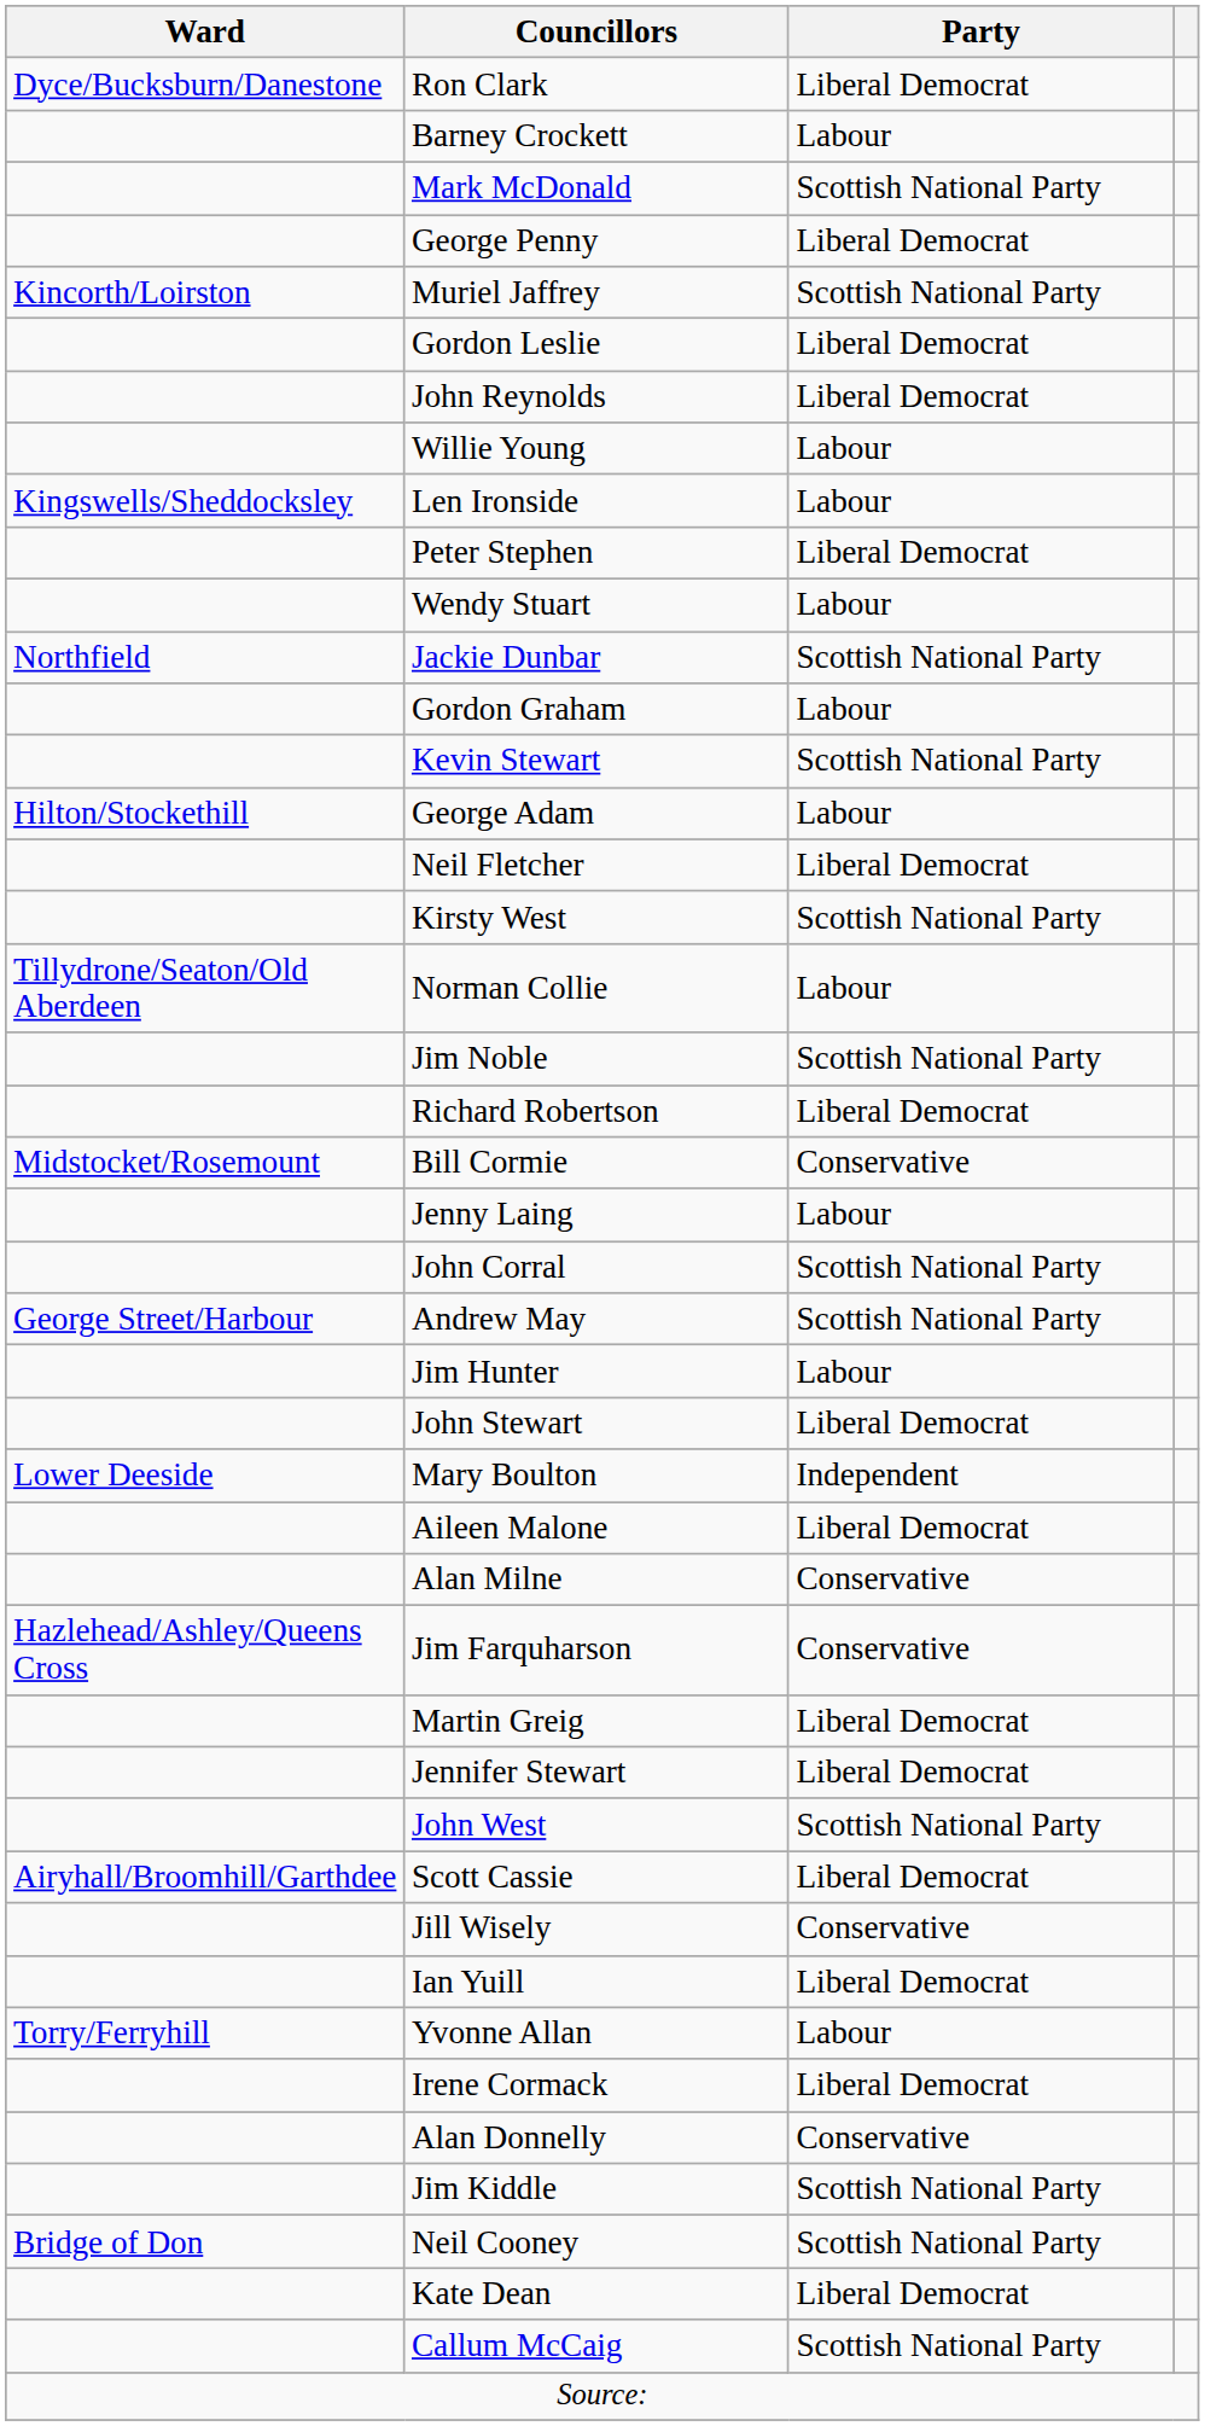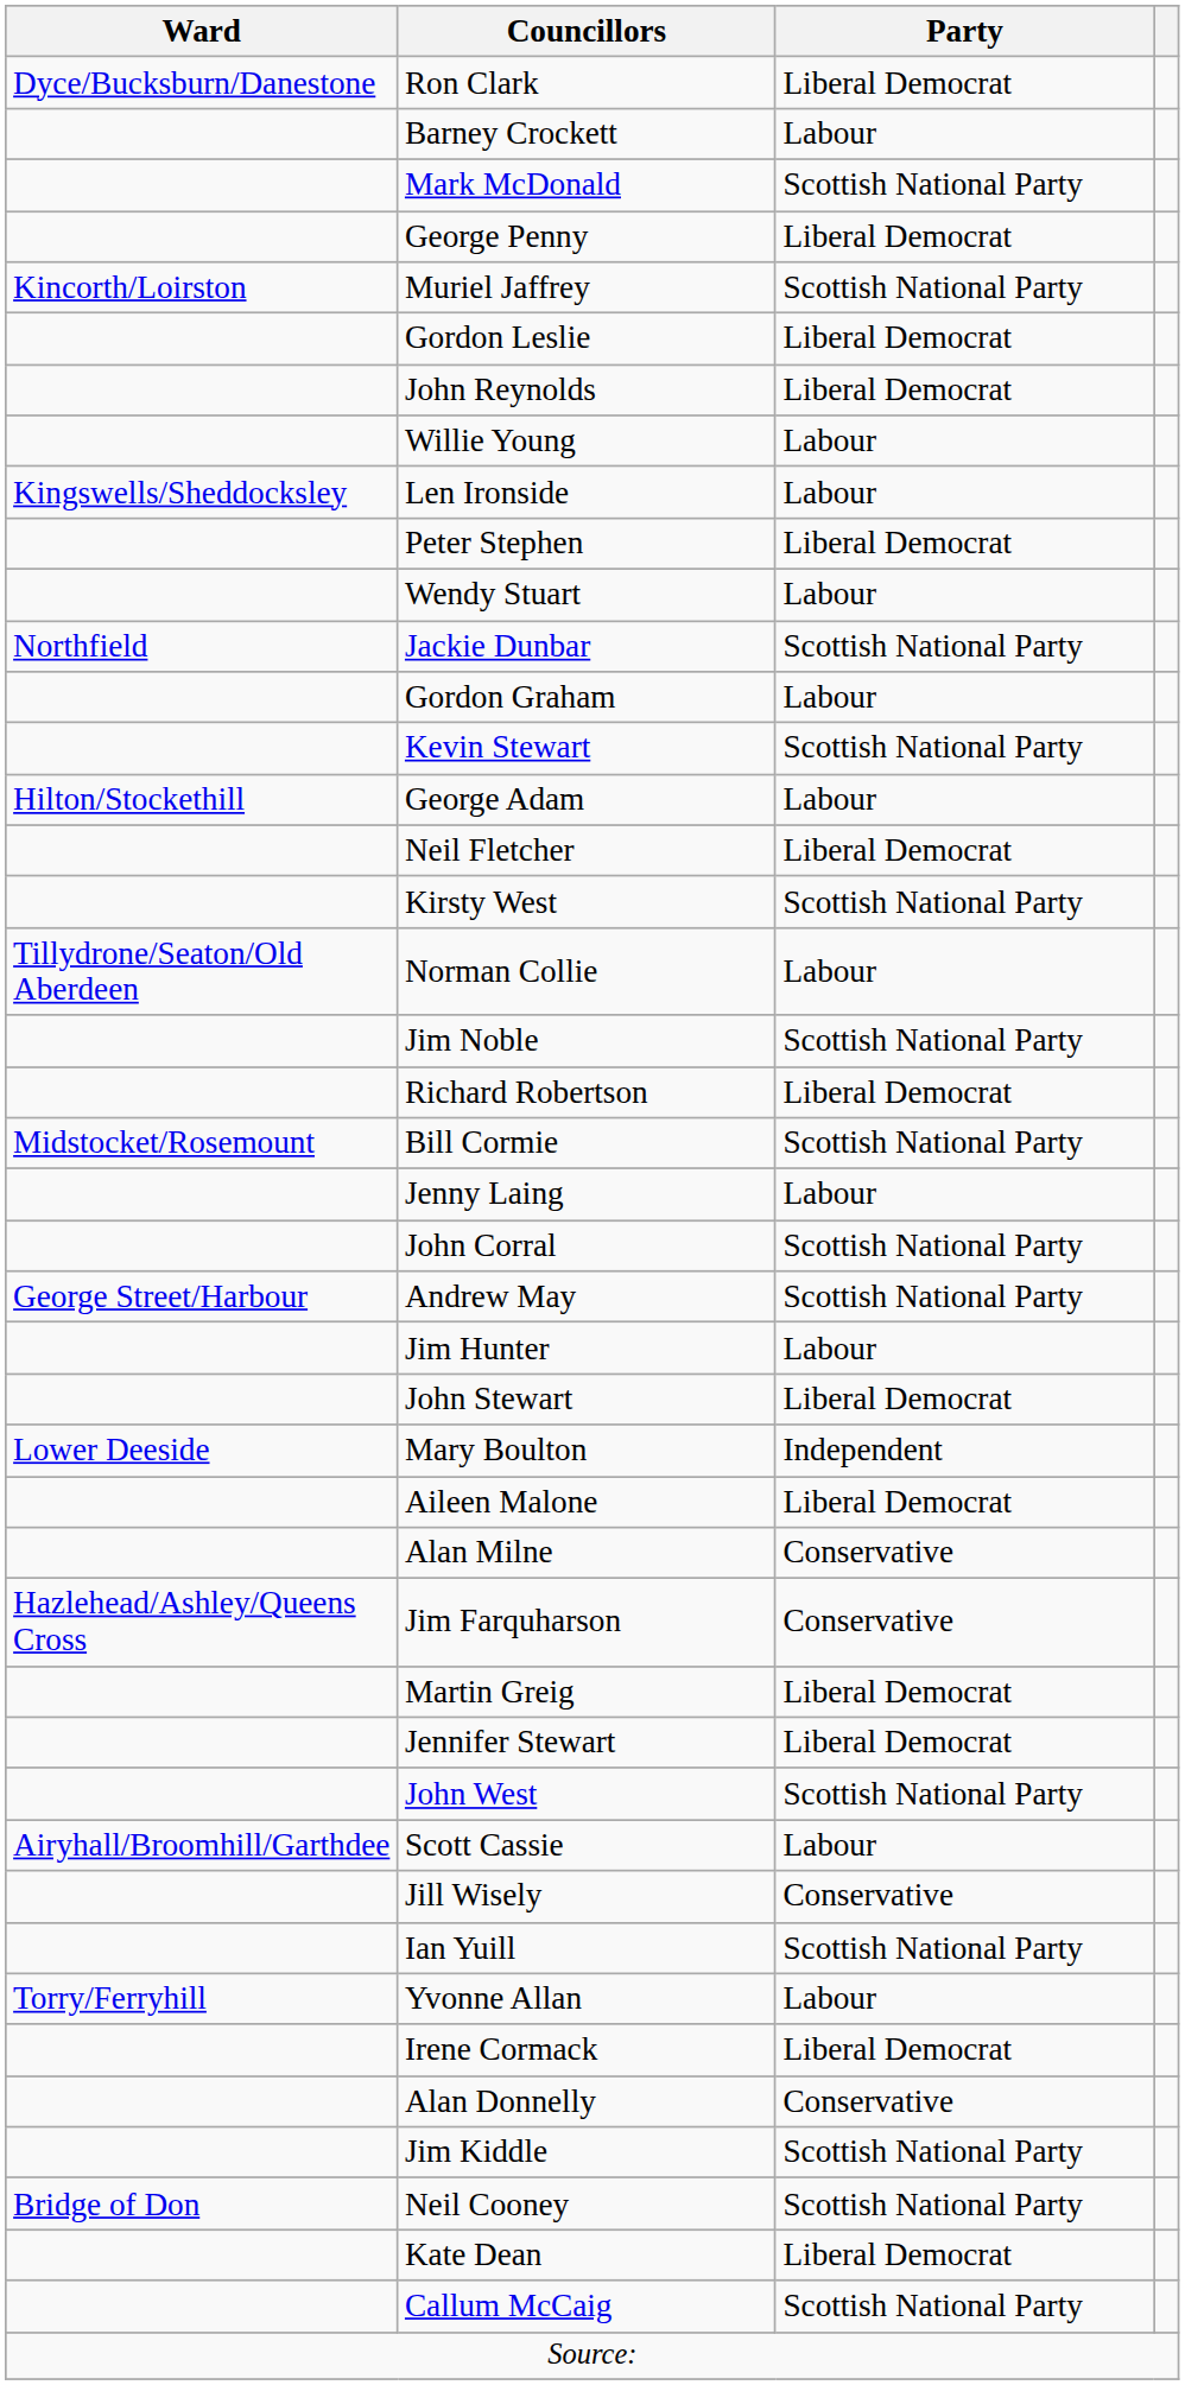 <table class="wikitable">
 <tr>
 <th width="180">Ward</th>
 <th width="180">Councillors</th>
 <th width="180">Party</th>
 <th width="5"></th>
 </tr>
 <tr>
 <td><a href='#'>Dyce/Bucksburn/Danestone</a></td>
 <td>Ron Clark</td>
 <td>Liberal Democrat</td>
 <td></td>
 </tr>
 <tr>
 <td></td>
 <td>Barney Crockett</td>
 <td>Labour</td>
 <td></td>
 </tr>
 <tr>
 <td></td>
 <td><a href='#'>Mark McDonald</a></td>
 <td>Scottish National Party</td>
 <td></td>
 </tr>
 <tr>
 <td></td>
 <td>George Penny</td>
 <td>Liberal Democrat</td>
 <td></td>
 </tr>
 <tr>
 <td><a href='#'>Kincorth/Loirston</a></td>
 <td>Muriel Jaffrey</td>
 <td>Scottish National Party</td>
 <td></td>
 </tr>
 <tr>
 <td></td>
 <td>Gordon Leslie</td>
 <td>Liberal Democrat</td>
 <td></td>
 </tr>
 <tr>
 <td></td>
 <td>John Reynolds</td>
 <td>Liberal Democrat</td>
 <td></td>
 </tr>
 <tr>
 <td></td>
 <td>Willie Young</td>
 <td>Labour</td>
 <td></td>
 </tr>
 <tr>
 <td><a href='#'>Kingswells/Sheddocksley</a></td>
 <td>Len Ironside</td>
 <td>Labour</td>
 <td></td>
 </tr>
 <tr>
 <td></td>
 <td>Peter Stephen</td>
 <td>Liberal Democrat</td>
 <td></td>
 </tr>
 <tr>
 <td></td>
 <td>Wendy Stuart</td>
 <td>Labour</td>
 <td></td>
 </tr>
 <tr>
 <td><a href='#'>Northfield</a></td>
 <td><a href='#'>Jackie Dunbar</a></td>
 <td>Scottish National Party</td>
 <td></td>
 </tr>
 <tr>
 <td></td>
 <td>Gordon Graham</td>
 <td>Labour</td>
 <td></td>
 </tr>
 <tr>
 <td></td>
 <td><a href='#'>Kevin Stewart</a></td>
 <td>Scottish National Party</td>
 <td></td>
 </tr>
 <tr>
 <td><a href='#'>Hilton/Stockethill</a></td>
 <td>George Adam</td>
 <td>Labour</td>
 <td></td>
 </tr>
 <tr>
 <td></td>
 <td>Neil Fletcher</td>
 <td>Liberal Democrat</td>
 <td></td>
 </tr>
 <tr>
 <td></td>
 <td>Kirsty West</td>
 <td>Scottish National Party</td>
 <td></td>
 </tr>
 <tr>
 <td><a href='#'>Tillydrone/Seaton/Old Aberdeen</a></td>
 <td>Norman Collie</td>
 <td>Labour</td>
 <td></td>
 </tr>
 <tr>
 <td></td>
 <td>Jim Noble</td>
 <td>Scottish National Party</td>
 <td></td>
 </tr>
 <tr>
 <td></td>
 <td>Richard Robertson</td>
 <td>Liberal Democrat</td>
 <td></td>
 </tr>
 <tr>
 <td><a href='#'>Midstocket/Rosemount</a></td>
 <td>Bill Cormie</td>
-<td>Conservative</td>
+<td>Scottish National Party</td>
 <td></td>
 </tr>
 <tr>
 <td></td>
 <td>Jenny Laing</td>
 <td>Labour</td>
 <td></td>
 </tr>
 <tr>
 <td></td>
 <td>John Corral</td>
 <td>Scottish National Party</td>
 <td></td>
 </tr>
 <tr>
 <td><a href='#'>George Street/Harbour</a></td>
 <td>Andrew May</td>
 <td>Scottish National Party</td>
 <td></td>
 </tr>
 <tr>
 <td></td>
 <td>Jim Hunter</td>
 <td>Labour</td>
 <td></td>
 </tr>
 <tr>
 <td></td>
 <td>John Stewart</td>
 <td>Liberal Democrat</td>
 <td></td>
 </tr>
 <tr>
 <td><a href='#'>Lower Deeside</a></td>
 <td>Mary Boulton</td>
 <td>Independent</td>
 <td></td>
 </tr>
 <tr>
 <td></td>
 <td>Aileen Malone</td>
 <td>Liberal Democrat</td>
 <td></td>
 </tr>
 <tr>
 <td></td>
 <td>Alan Milne</td>
 <td>Conservative</td>
 <td></td>
 </tr>
 <tr>
 <td><a href='#'>Hazlehead/Ashley/Queens Cross</a></td>
 <td>Jim Farquharson</td>
 <td>Conservative</td>
 <td></td>
 </tr>
 <tr>
 <td></td>
 <td>Martin Greig</td>
 <td>Liberal Democrat</td>
 <td></td>
 </tr>
 <tr>
 <td></td>
 <td>Jennifer Stewart</td>
 <td>Liberal Democrat</td>
 <td></td>
 </tr>
 <tr>
 <td></td>
 <td><a href='#'>John West</a></td>
 <td>Scottish National Party</td>
 <td></td>
 </tr>
 <tr>
 <td><a href='#'>Airyhall/Broomhill/Garthdee</a></td>
 <td>Scott Cassie</td>
-<td>Liberal Democrat</td>
+<td>Labour</td>
 <td></td>
 </tr>
 <tr>
 <td></td>
 <td>Jill Wisely</td>
 <td>Conservative</td>
 <td></td>
 </tr>
 <tr>
 <td></td>
 <td>Ian Yuill</td>
-<td>Liberal Democrat</td>
+<td>Scottish National Party</td>
 <td></td>
 </tr>
 <tr>
 <td><a href='#'>Torry/Ferryhill</a></td>
 <td>Yvonne Allan</td>
 <td>Labour</td>
 <td></td>
 </tr>
 <tr>
 <td></td>
 <td>Irene Cormack</td>
 <td>Liberal Democrat</td>
 <td></td>
 </tr>
 <tr>
 <td></td>
 <td>Alan Donnelly</td>
 <td>Conservative</td>
 <td></td>
 </tr>
 <tr>
 <td></td>
 <td>Jim Kiddle</td>
 <td>Scottish National Party</td>
 <td></td>
 </tr>
 <tr>
 <td><a href='#'>Bridge of Don</a></td>
 <td>Neil Cooney</td>
 <td>Scottish National Party</td>
 <td></td>
 </tr>
 <tr>
 <td></td>
 <td>Kate Dean</td>
 <td>Liberal Democrat</td>
 <td></td>
 </tr>
 <tr>
 <td></td>
 <td><a href='#'>Callum McCaig</a></td>
 <td>Scottish National Party</td>
 <td></td>
 </tr>
 <tr>
 <td colspan="14" style="text-align:center;font-size:90%;"><em>Source: </em></td>
 </tr>
 </table>
